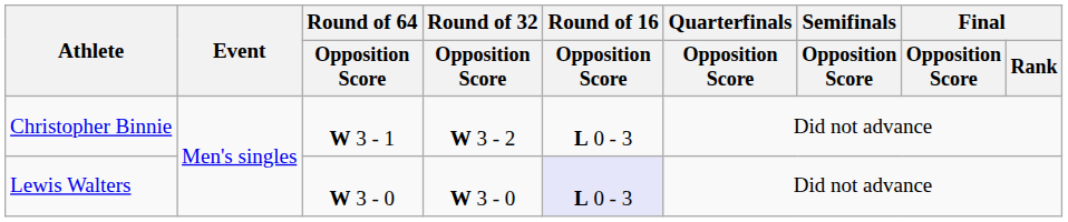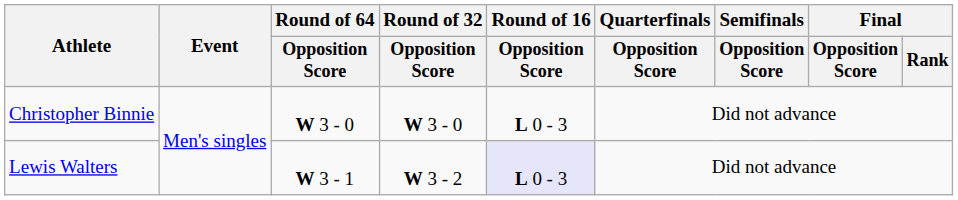 <table class=wikitable style="font-size:90%">
 <tr>
 <th rowspan=2>Athlete</th>
 <th rowspan=2>Event</th>
 <th>Round of 64</th>
 <th>Round of 32</th>
 <th>Round of 16</th>
 <th>Quarterfinals</th>
 <th>Semifinals</th>
 <th colspan=2>Final</th>
 </tr>
 <tr style="font-size:95%">
 <th>Opposition<br>Score</th>
 <th>Opposition<br>Score</th>
 <th>Opposition<br>Score</th>
 <th>Opposition<br>Score</th>
 <th>Opposition<br>Score</th>
 <th>Opposition<br>Score</th>
 <th>Rank</th>
 </tr>
 <tr align=center>
 <td align=left><a href='#'>Christopher Binnie</a></td>
 <td align=left rowspan=2><a href='#'>Men's singles</a></td>
-<td><br> <strong>W</strong> 3 - 1</td>
-<td><br> <strong>W</strong> 3 - 2</td>
+<td><br> <strong>W</strong> 3 - 0</td>
+<td><br> <strong>W</strong> 3 - 0</td>
 <td><br> <strong>L</strong> 0 - 3</td>
 <td Colspan=4>Did not advance</td>
 </tr>
 <tr align=center>
 <td align=left><a href='#'>Lewis Walters</a></td>
-<td><br> <strong>W</strong> 3 - 0</td>
-<td><br> <strong>W</strong> 3 - 0</td>
+<td><br> <strong>W</strong> 3 - 1</td>
+<td><br> <strong>W</strong> 3 - 2</td>
 <td style="background: lavender;"><br> <strong>L</strong> 0 - 3</td>
 <td Colspan=4>Did not advance</td>
 </tr>
 </table>
